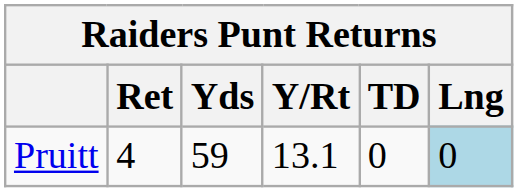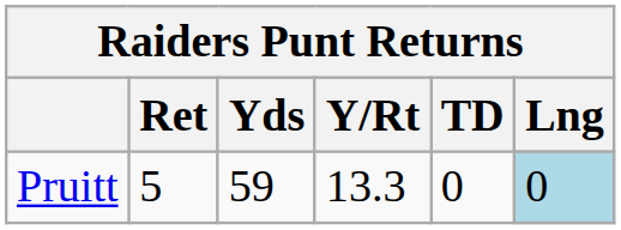 <table class="wikitable">
 <tr>
 <th colspan="6">Raiders Punt Returns</th>
 </tr>
 <tr>
 <th></th>
 <th>Ret</th>
 <th>Yds</th>
 <th>Y/Rt</th>
 <th>TD</th>
 <th>Lng</th>
 </tr>
 <tr>
 <td><a href='#'>Pruitt</a></td>
-<td>4</td>
+<td>5</td>
 <td>59</td>
-<td>13.1</td>
+<td>13.3</td>
 <td>0</td>
 <td style="background: lightblue;">0</td>
 </tr>
 </table>
